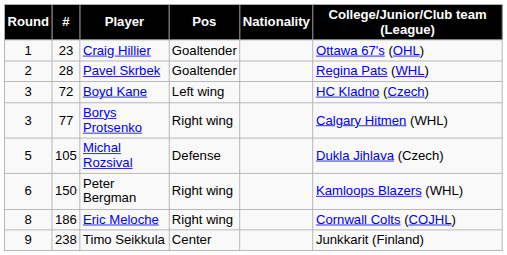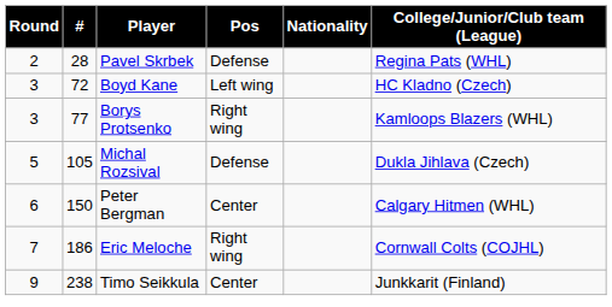 <table class="wikitable">
 <tr>
 <th style="color:white; background:#000000; ">Round</th>
 <th style="color:white; background:#000000; ">#</th>
 <th style="color:white; background:#000000; ">Player</th>
 <th style="color:white; background:#000000; ">Pos</th>
 <th style="color:white; background:#000000; ">Nationality</th>
 <th style="color:white; background:#000000; ">College/Junior/Club team (League)</th>
 </tr>
 <tr>
-<td style="text-align:center">1</td>
-<td style="text-align:center">23</td>
-<td><a href='#'>Craig Hillier</a></td>
-<td>Goaltender</td>
-<td></td>
-<td><a href='#'>Ottawa 67's</a> (<a href='#'>OHL</a>)</td>
-</tr>
-<tr>
 <td style="text-align:center">2</td>
 <td style="text-align:center">28</td>
 <td><a href='#'>Pavel Skrbek</a></td>
-<td>Goaltender</td>
+<td>Defense</td>
 <td></td>
 <td><a href='#'>Regina Pats</a> (<a href='#'>WHL</a>)</td>
 </tr>
 <tr>
 <td style="text-align:center">3</td>
 <td style="text-align:center">72</td>
 <td><a href='#'>Boyd Kane</a></td>
 <td>Left wing</td>
 <td></td>
 <td><a href='#'>HC Kladno</a> (<a href='#'>Czech</a>)</td>
 </tr>
 <tr>
 <td style="text-align:center">3</td>
 <td style="text-align:center">77</td>
 <td><a href='#'>Borys Protsenko</a></td>
 <td>Right wing</td>
 <td></td>
-<td><a href='#'>Calgary Hitmen</a> (WHL)</td>
+<td><a href='#'>Kamloops Blazers</a> (WHL)</td>
 </tr>
 <tr>
 <td style="text-align:center">5</td>
 <td style="text-align:center">105</td>
 <td><a href='#'>Michal Rozsival</a></td>
 <td>Defense</td>
 <td></td>
 <td><a href='#'>Dukla Jihlava</a> (Czech)</td>
 </tr>
 <tr>
 <td style="text-align:center">6</td>
 <td style="text-align:center">150</td>
 <td>Peter Bergman</td>
-<td>Right wing</td>
+<td>Center</td>
 <td></td>
-<td><a href='#'>Kamloops Blazers</a> (WHL)</td>
+<td><a href='#'>Calgary Hitmen</a> (WHL)</td>
 </tr>
 <tr>
-<td style="text-align:center">8</td>
+<td style="text-align:center">7</td>
 <td style="text-align:center">186</td>
 <td><a href='#'>Eric Meloche</a></td>
 <td>Right wing</td>
 <td></td>
 <td><a href='#'>Cornwall Colts</a> (<a href='#'>COJHL</a>)</td>
 </tr>
 <tr>
 <td style="text-align:center">9</td>
 <td style="text-align:center">238</td>
 <td>Timo Seikkula</td>
 <td>Center</td>
 <td></td>
 <td>Junkkarit (Finland)</td>
 </tr>
 </table>
